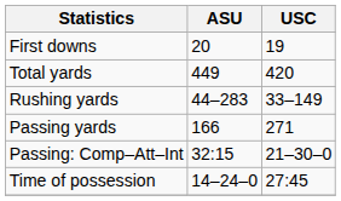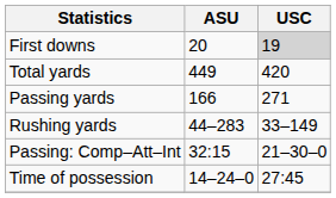 <table class="wikitable" style="float: left;">
 <tr>
 <th>Statistics</th>
 <th>ASU</th>
 <th>USC</th>
 </tr>
 <tr>
 <td>First downs</td>
 <td>20</td>
-<td>19</td>
+<td style="background: lightgrey;">19</td>
 </tr>
 <tr>
 <td>Total yards</td>
 <td>449</td>
 <td>420</td>
 </tr>
 <tr>
+<td>Passing yards</td>
+<td>166</td>
+<td>271</td>
+</tr>
+<tr>
 <td>Rushing yards</td>
 <td>44–283</td>
 <td>33–149</td>
-</tr>
-<tr>
-<td>Passing yards</td>
-<td>166</td>
-<td>271</td>
 </tr>
 <tr>
 <td>Passing: Comp–Att–Int</td>
 <td>32:15</td>
 <td>21–30–0</td>
 </tr>
 <tr>
 <td>Time of possession</td>
 <td>14–24–0</td>
 <td>27:45</td>
 </tr>
 <tr>
 </tr>
 </table>
